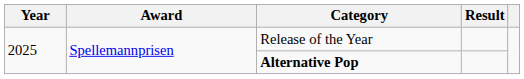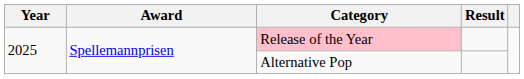 <table class="wikitable sortable plainrowheaders">
 <tr>
 <th scope="col">Year</th>
 <th scope="col">Award</th>
 <th scope="col">Category</th>
 <th scope="col" width=9%>Result</th>
 <th scope="col" class="unsortable"></th>
 </tr>
 <tr>
 <td rowspan="2">2025</td>
 <td rowspan="2"><a href='#'>Spellemannprisen</a></td>
-<td>Release of the Year</td>
+<td style="background: pink;">Release of the Year</td>
 <td></td>
 <td rowspan="2" style="text-align:center;"></td>
 </tr>
 <tr>
-<td><strong>Alternative Pop</strong></td>
+<td>Alternative Pop</td>
 <td></td>
 </tr>
 </table>
